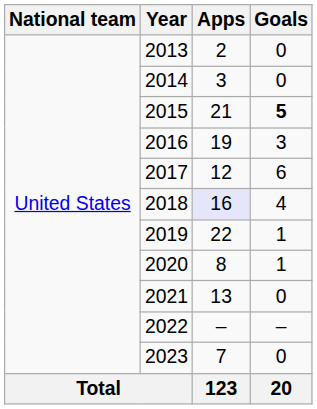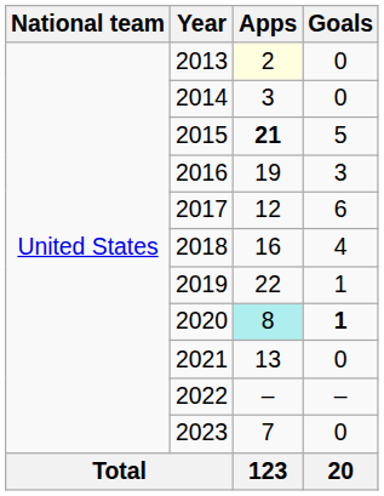 <table class="wikitable" style="text-align:center">
 <tr>
 <th>National team</th>
 <th>Year</th>
 <th>Apps</th>
 <th>Goals</th>
 </tr>
 <tr>
 <td rowspan="11"><a href='#'>United States</a></td>
 <td>2013</td>
-<td>2</td>
+<td style="background: lightyellow;">2</td>
 <td>0</td>
 </tr>
 <tr>
 <td>2014</td>
 <td>3</td>
 <td>0</td>
 </tr>
 <tr>
 <td>2015</td>
-<td>21</td>
-<td><strong>5</strong></td>
+<td><strong>21</strong></td>
+<td>5</td>
 </tr>
 <tr>
 <td>2016</td>
 <td>19</td>
 <td>3</td>
 </tr>
 <tr>
 <td>2017</td>
 <td>12</td>
 <td>6</td>
 </tr>
 <tr>
 <td>2018</td>
-<td style="background: lavender;">16</td>
+<td>16</td>
 <td>4</td>
 </tr>
 <tr>
 <td>2019</td>
 <td>22</td>
 <td>1</td>
 </tr>
 <tr>
 <td>2020</td>
-<td>8</td>
-<td>1</td>
+<td style="background: paleturquoise;">8</td>
+<td><strong>1</strong></td>
 </tr>
 <tr>
 <td>2021</td>
 <td>13</td>
 <td>0</td>
 </tr>
 <tr>
 <td>2022</td>
 <td>–</td>
 <td>–</td>
 </tr>
 <tr>
 <td>2023</td>
 <td>7</td>
 <td>0</td>
 </tr>
 <tr>
 <th colspan="2">Total</th>
 <th>123</th>
 <th>20</th>
 </tr>
 </table>
